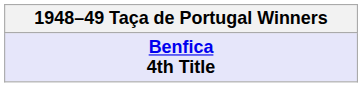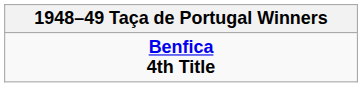 <table class="wikitable" style="text-align: center; margin: 0 auto; width: 20%">
 <tr>
 <th>1948–49 Taça de Portugal Winners</th>
 </tr>
 <tr>
-<td style="background: lavender;"><strong><a href='#'>Benfica</a></strong><br><strong>4th Title</strong></td>
+<td><strong><a href='#'>Benfica</a></strong><br><strong>4th Title</strong></td>
 </tr>
 </table>
